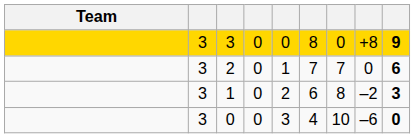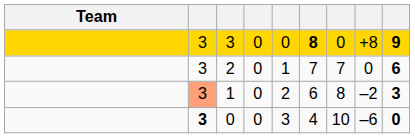 <table class="wikitable" style="text-align: center;">
 <tr>
 <th width="175">Team</th>
 <th width="20"></th>
 <th width="20"></th>
 <th width="20"></th>
 <th width="20"></th>
 <th width="20"></th>
 <th width="20"></th>
 <th width="20"></th>
 <th width="20"><strong></strong></th>
 </tr>
 <tr bgcolor=gold>
 <td align=left></td>
 <td>3</td>
 <td>3</td>
 <td>0</td>
 <td>0</td>
-<td>8</td>
+<td><strong>8</strong></td>
 <td>0</td>
 <td>+8</td>
 <td><strong>9</strong></td>
 </tr>
 <tr>
 <td align=left></td>
 <td>3</td>
 <td>2</td>
 <td>0</td>
 <td>1</td>
 <td>7</td>
 <td>7</td>
 <td>0</td>
 <td><strong>6</strong></td>
 </tr>
 <tr>
 <td align=left></td>
-<td>3</td>
+<td style="background: lightsalmon;">3</td>
 <td>1</td>
 <td>0</td>
 <td>2</td>
 <td>6</td>
 <td>8</td>
 <td>–2</td>
 <td><strong>3</strong></td>
 </tr>
 <tr>
 <td align=left></td>
-<td>3</td>
+<td><strong>3</strong></td>
 <td>0</td>
 <td>0</td>
 <td>3</td>
 <td>4</td>
 <td>10</td>
 <td>–6</td>
 <td><strong>0</strong></td>
 </tr>
 </table>
